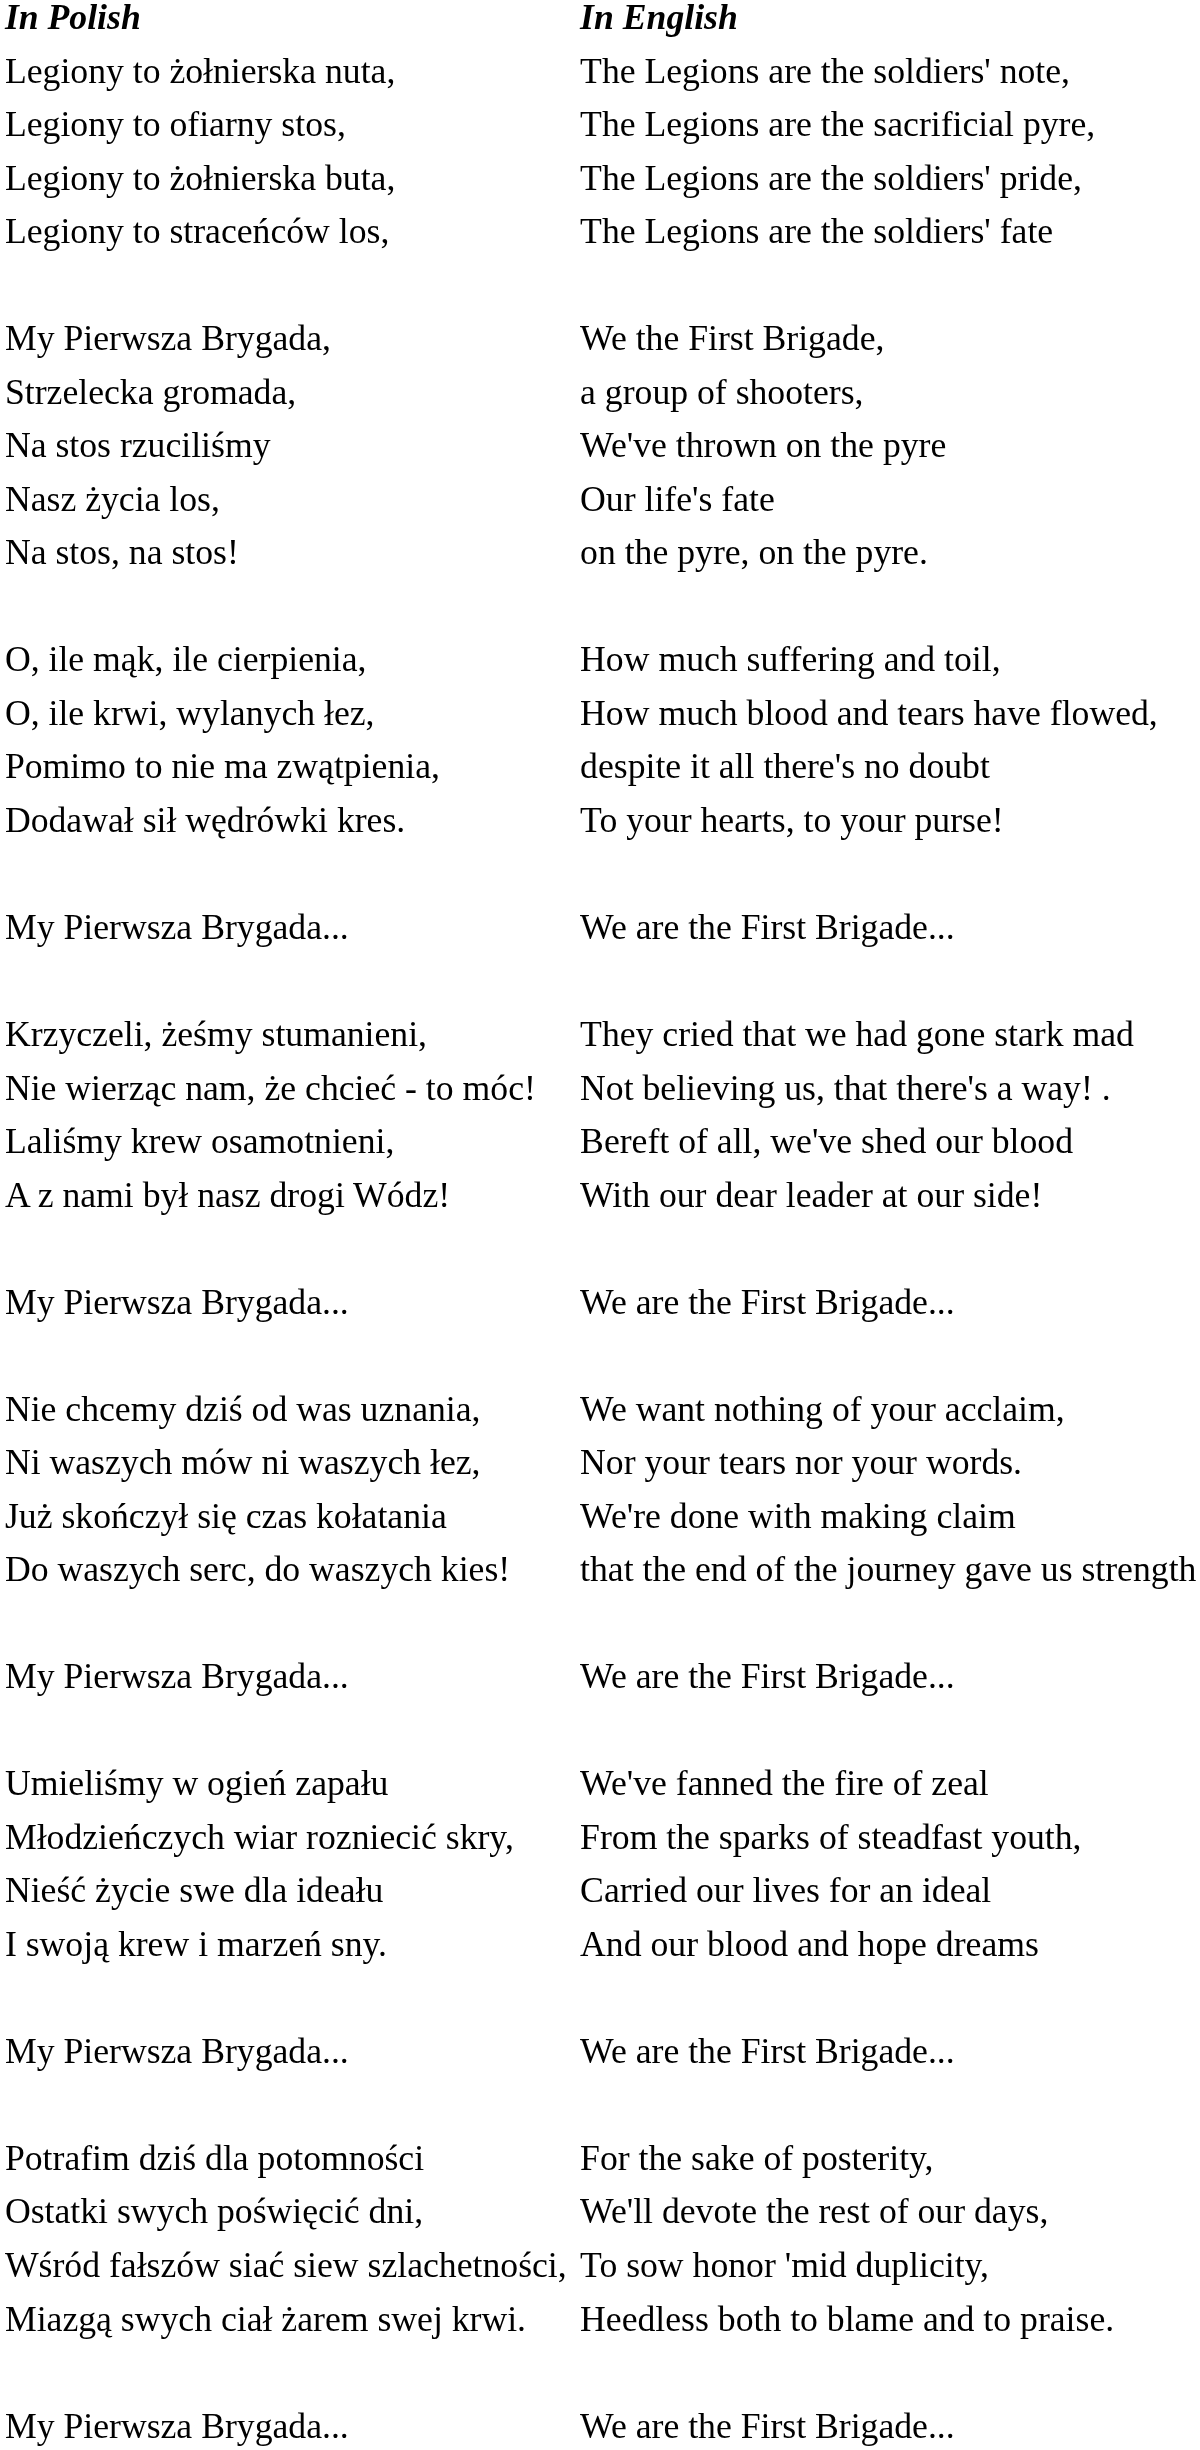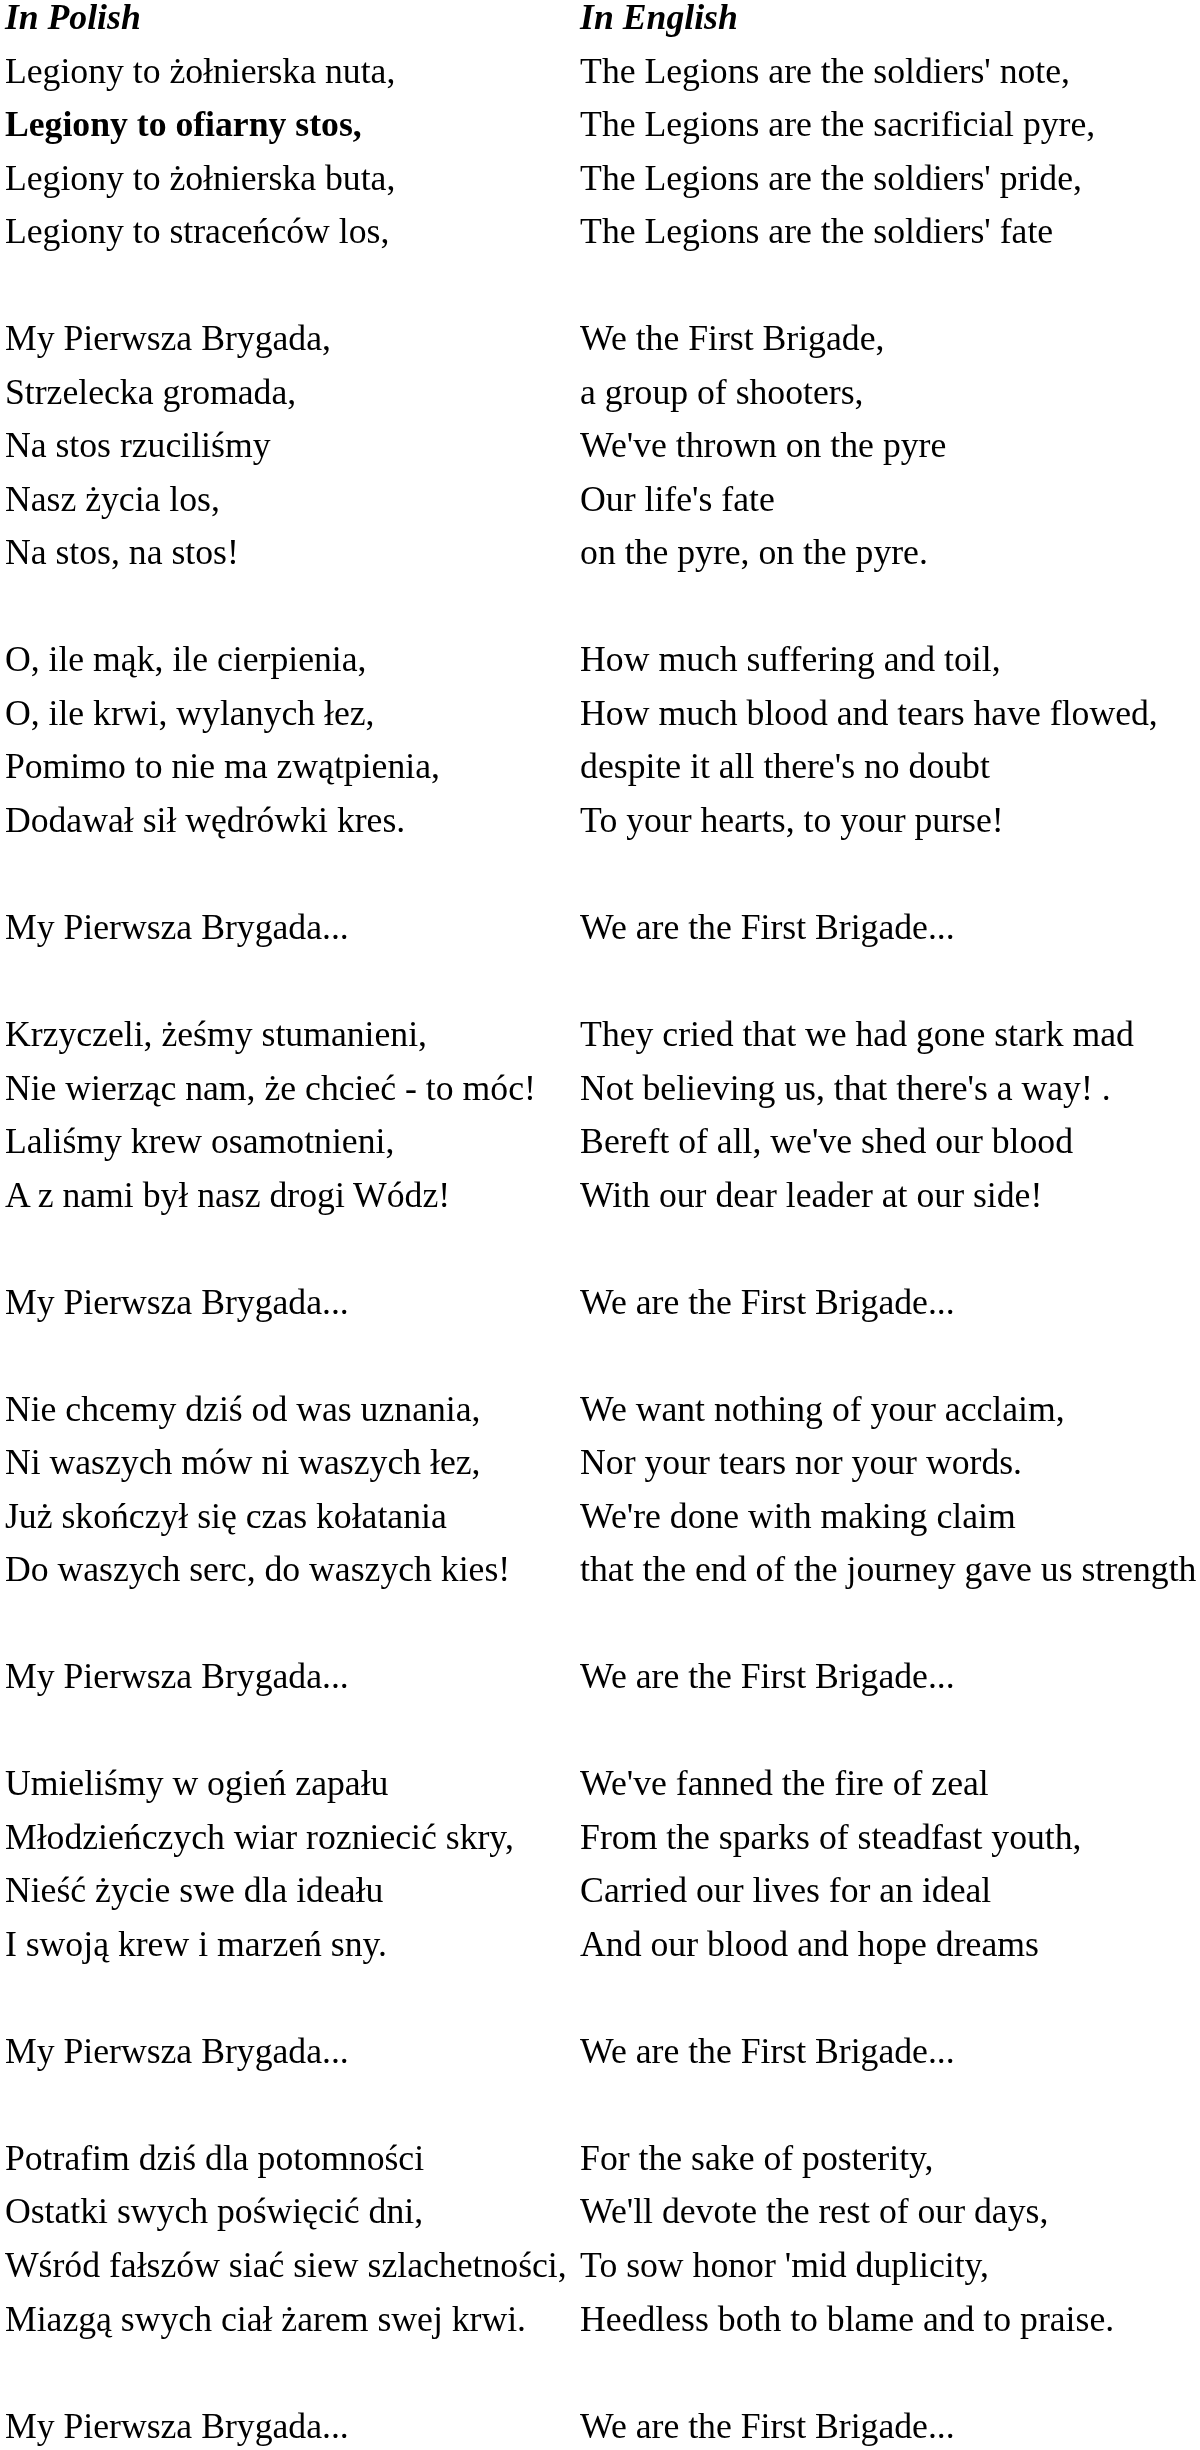 <table cellpadding=2 style="background:transparent;">
 <tr>
 <td><strong><em>In Polish</em></strong></td>
 <td><strong><em>In English</em></strong></td>
 </tr>
 <tr>
 <td>Legiony to żołnierska nuta,</td>
 <td>The Legions are the soldiers' note,</td>
 </tr>
 <tr>
-<td>Legiony to ofiarny stos,</td>
+<td><strong>Legiony to ofiarny stos,</strong></td>
 <td>The Legions are the sacrificial pyre,</td>
 </tr>
 <tr>
 <td>Legiony to żołnierska buta,</td>
 <td>The Legions are the soldiers' pride,</td>
 </tr>
 <tr>
 <td>Legiony to straceńców los,</td>
 <td>The Legions are the soldiers' fate</td>
 </tr>
 <tr>
 <td><br></td>
 </tr>
 <tr>
 <td>My Pierwsza Brygada,</td>
 <td>We the First Brigade,</td>
 </tr>
 <tr>
 <td>Strzelecka gromada,</td>
 <td>a group of shooters,</td>
 </tr>
 <tr>
 <td>Na stos rzuciliśmy</td>
 <td>We've thrown on the pyre</td>
 </tr>
 <tr>
 <td>Nasz życia los,</td>
 <td>Our life's fate</td>
 </tr>
 <tr>
 <td>Na stos, na stos!</td>
 <td>on the pyre, on the pyre.</td>
 </tr>
 <tr>
 <td><br></td>
 </tr>
 <tr>
 <td>O, ile mąk, ile cierpienia,</td>
 <td>How much suffering and toil,</td>
 </tr>
 <tr>
 <td>O, ile krwi, wylanych łez,</td>
 <td>How much blood and tears have flowed,</td>
 </tr>
 <tr>
 <td>Pomimo to nie ma zwątpienia,</td>
 <td>despite it all there's no doubt</td>
 </tr>
 <tr>
 <td>Dodawał sił wędrówki kres.</td>
 <td>To your hearts, to your purse!</td>
 </tr>
 <tr>
 <td><br></td>
 </tr>
 <tr>
 <td>My Pierwsza Brygada...</td>
 <td>We are the First Brigade...</td>
 </tr>
 <tr>
 <td><br></td>
 </tr>
 <tr>
 <td>Krzyczeli, żeśmy stumanieni,</td>
 <td>They cried that we had gone stark mad</td>
 </tr>
 <tr>
 <td>Nie wierząc nam, że chcieć - to móc!</td>
 <td>Not believing us, that  there's a way! .</td>
 </tr>
 <tr>
 <td>Laliśmy krew osamotnieni,</td>
 <td>Bereft of all, we've shed our blood</td>
 </tr>
 <tr>
 <td>A z nami był nasz drogi Wódz!</td>
 <td>With our dear leader at our side!</td>
 </tr>
 <tr>
 <td><br></td>
 </tr>
 <tr>
 <td>My Pierwsza Brygada...</td>
 <td>We are the First Brigade...</td>
 </tr>
 <tr>
 <td><br></td>
 </tr>
 <tr>
 <td>Nie chcemy dziś od was uznania,</td>
 <td>We want nothing of your acclaim,</td>
 </tr>
 <tr>
 <td>Ni waszych mów ni waszych łez,</td>
 <td>Nor your tears nor your words.</td>
 </tr>
 <tr>
 <td>Już skończył się czas kołatania</td>
 <td>We're done with making claim</td>
 </tr>
 <tr>
 <td>Do waszych serc, do waszych kies!</td>
 <td>that the end of the journey gave us strength</td>
 </tr>
 <tr>
 <td><br></td>
 </tr>
 <tr>
 <td>My Pierwsza Brygada...</td>
 <td>We are the First Brigade...</td>
 </tr>
 <tr>
 <td><br></td>
 </tr>
 <tr>
 <td>Umieliśmy w ogień zapału</td>
 <td>We've fanned the fire of zeal</td>
 </tr>
 <tr>
 <td>Młodzieńczych wiar rozniecić skry,</td>
 <td>From the sparks of steadfast youth,</td>
 </tr>
 <tr>
 <td>Nieść życie swe dla ideału</td>
 <td>Carried our lives for an ideal</td>
 </tr>
 <tr>
 <td>I swoją krew i marzeń sny.</td>
 <td>And our blood and hope dreams</td>
 </tr>
 <tr>
 <td><br></td>
 </tr>
 <tr>
 <td>My Pierwsza Brygada...</td>
 <td>We are the First Brigade...</td>
 </tr>
 <tr>
 <td><br></td>
 </tr>
 <tr>
 <td>Potrafim dziś dla potomności</td>
 <td>For the sake of posterity,</td>
 </tr>
 <tr>
 <td>Ostatki swych poświęcić dni,</td>
 <td>We'll devote the rest of our days,</td>
 </tr>
 <tr>
 <td>Wśród fałszów siać siew szlachetności,</td>
 <td>To sow honor 'mid duplicity,</td>
 </tr>
 <tr>
 <td>Miazgą swych ciał żarem swej krwi.</td>
 <td>Heedless both to blame and to praise.</td>
 </tr>
 <tr>
 <td><br></td>
 </tr>
 <tr>
 <td>My Pierwsza Brygada...</td>
 <td>We are the First Brigade...</td>
 </tr>
 <tr>
 </tr>
 </table>
